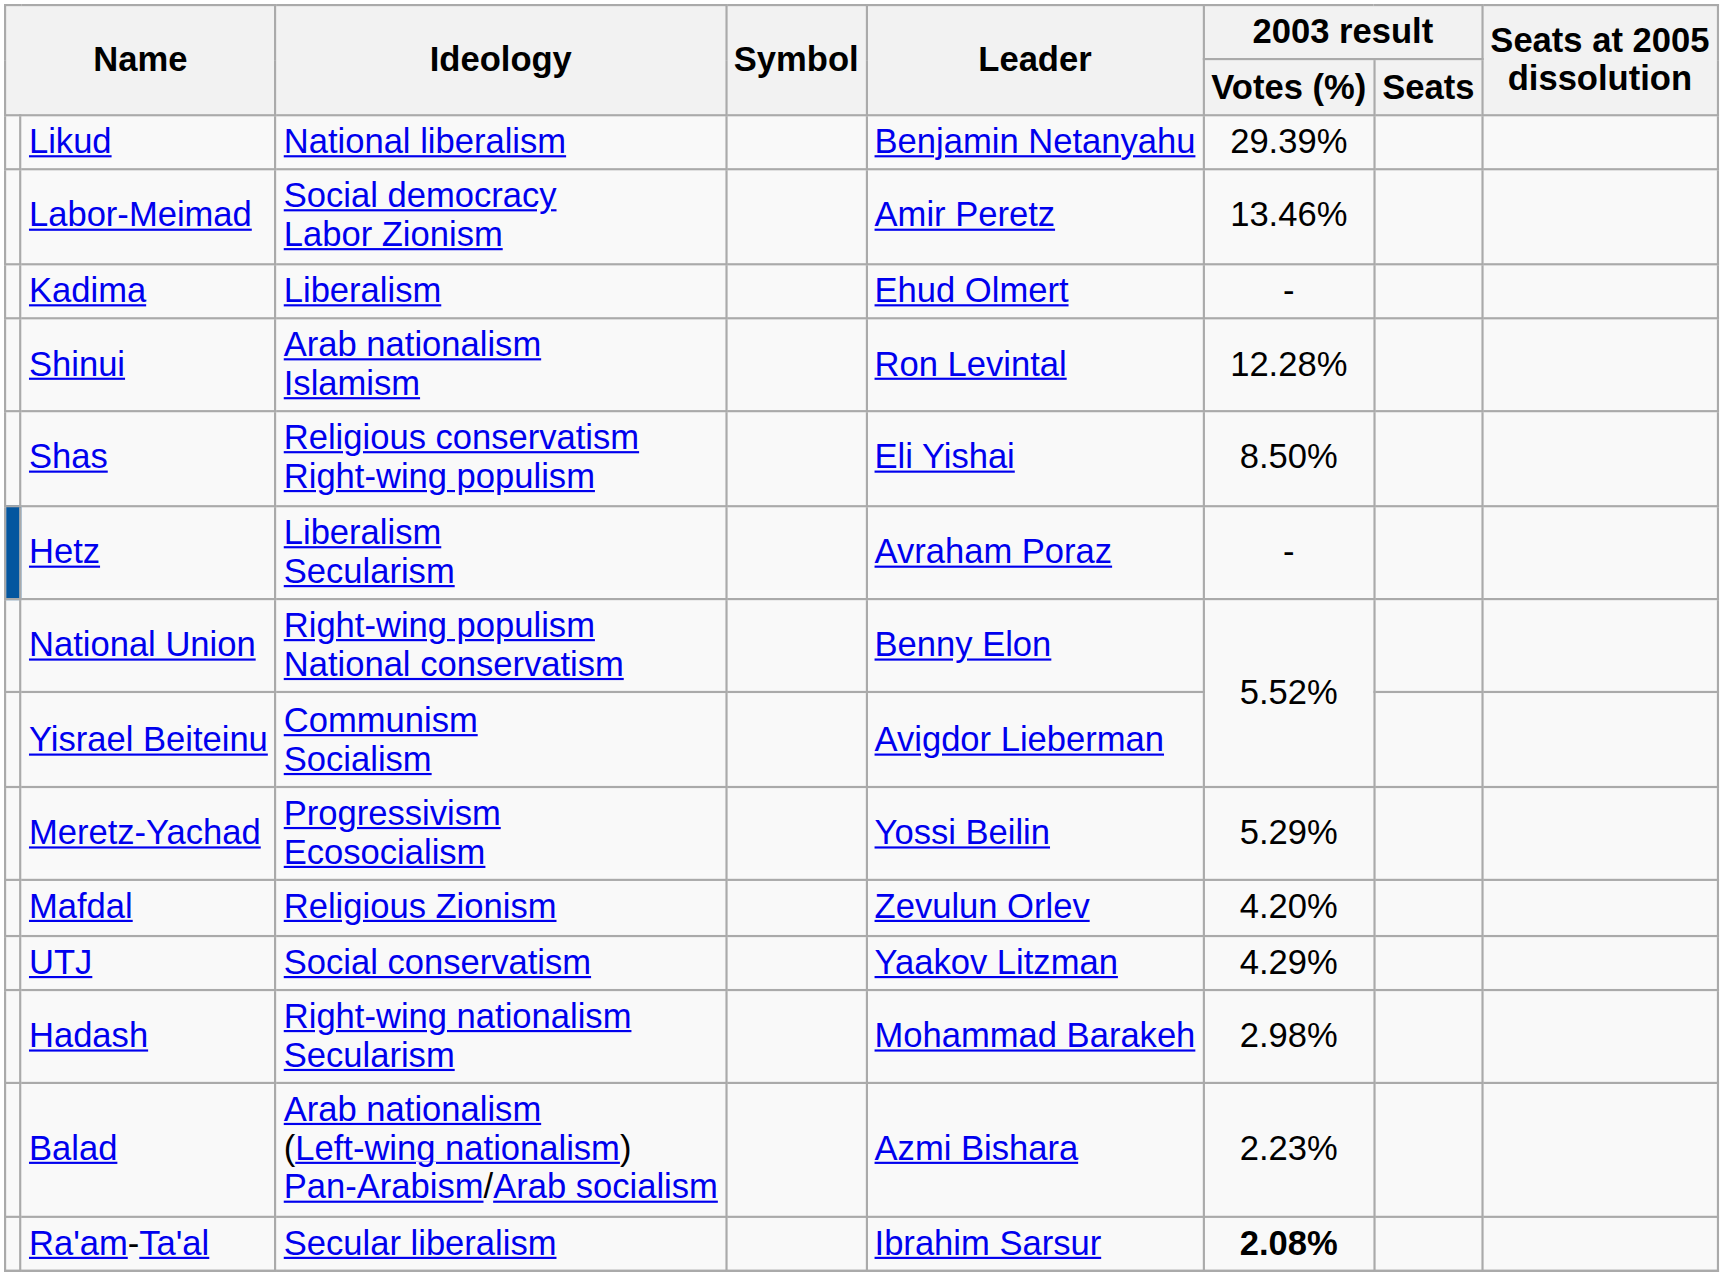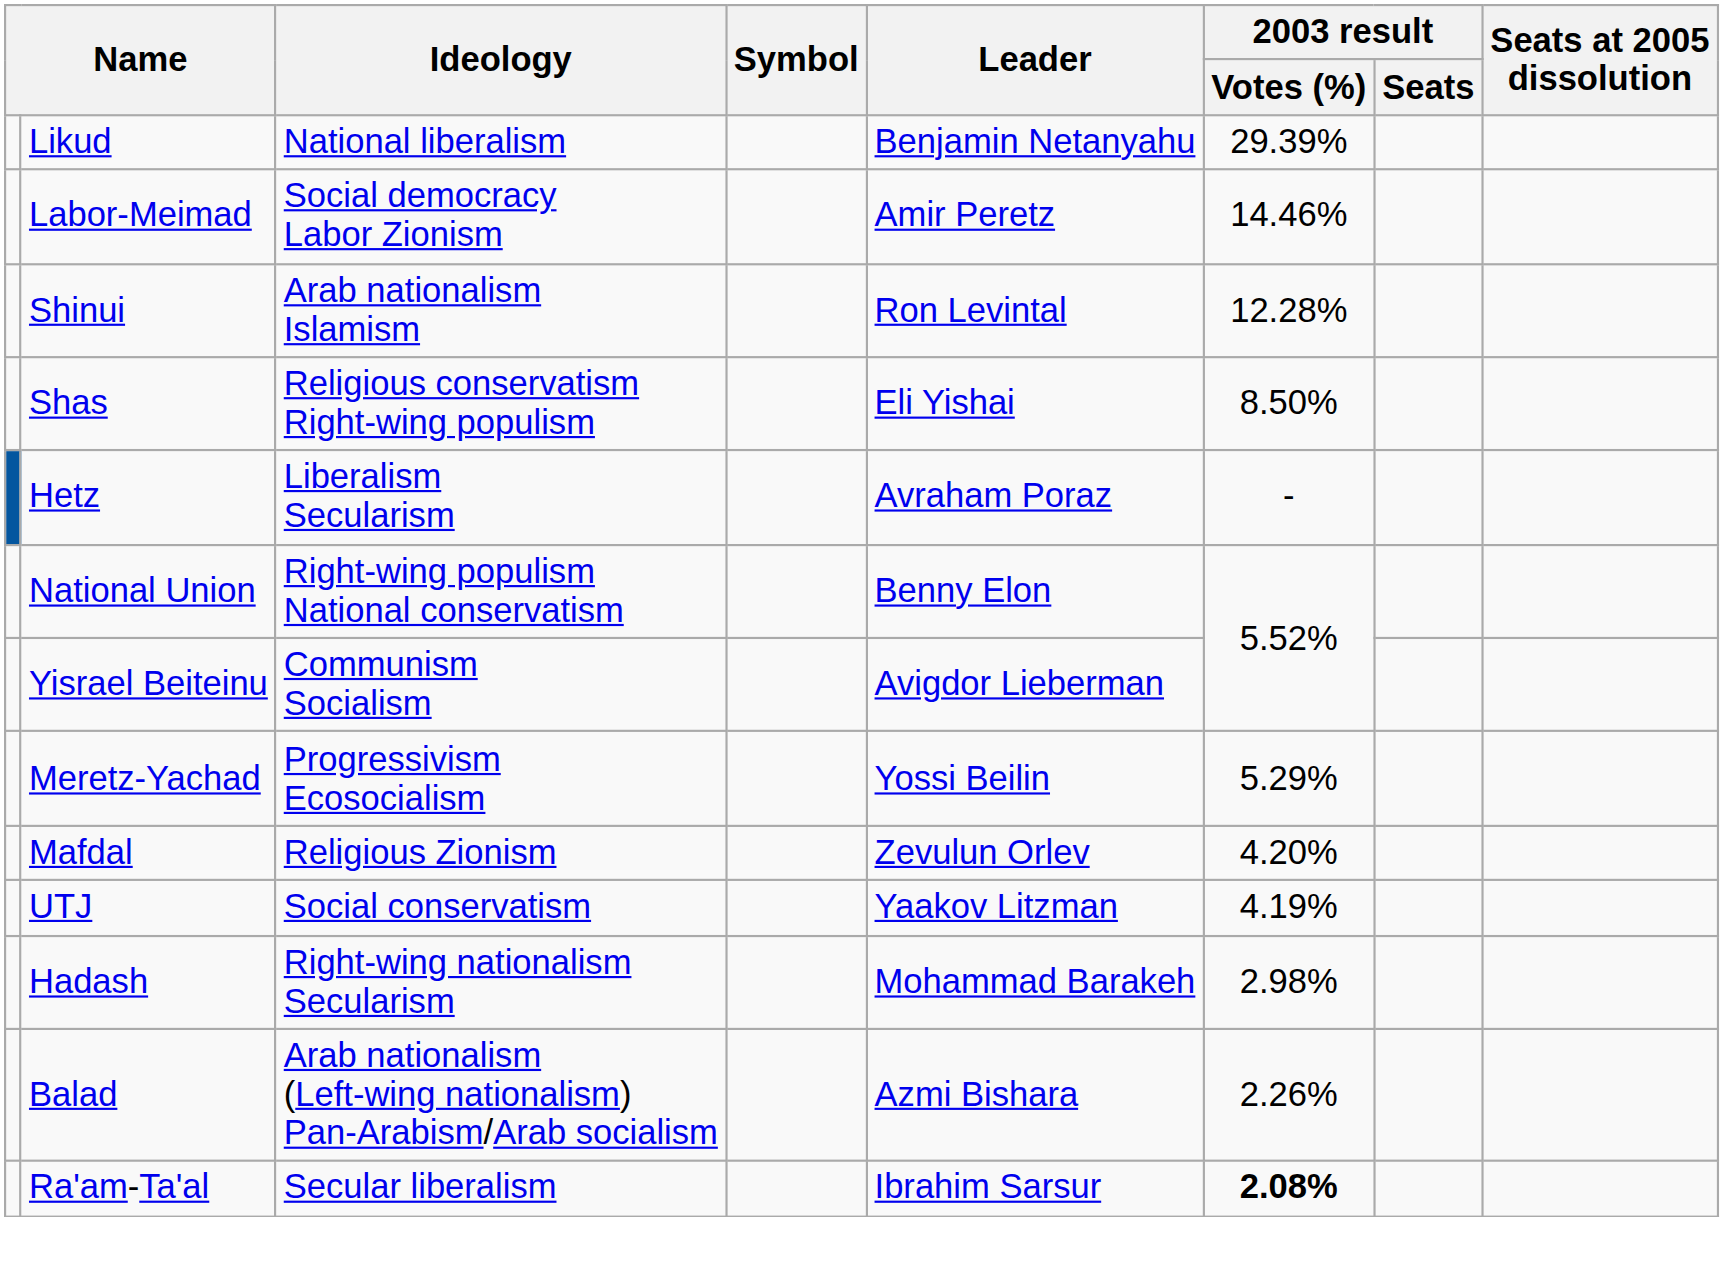 <table class="wikitable">
 <tr>
 <th rowspan="2" colspan=2>Name</th>
 <th rowspan="2">Ideology</th>
 <th rowspan="2">Symbol</th>
 <th rowspan="2">Leader</th>
 <th colspan="2">2003 result</th>
 <th rowspan="2">Seats at 2005<br>dissolution</th>
 </tr>
 <tr>
 <th>Votes (%)</th>
 <th>Seats</th>
 </tr>
 <tr>
 <td style="background:"></td>
 <td><a href='#'>Likud</a></td>
 <td><a href='#'>National liberalism</a></td>
 <td></td>
 <td><a href='#'>Benjamin Netanyahu</a></td>
 <td style="text-align:center;">29.39%</td>
 <td></td>
 <td></td>
 </tr>
 <tr>
 <td style="background:"></td>
 <td><a href='#'>Labor-Meimad</a></td>
 <td><a href='#'>Social democracy</a><br><a href='#'>Labor Zionism</a></td>
 <td></td>
 <td><a href='#'>Amir Peretz</a></td>
-<td style="text-align:center;">13.46%</td>
-<td></td>
-<td></td>
-</tr>
-<tr>
-<td style="background:"></td>
-<td><a href='#'>Kadima</a></td>
-<td><a href='#'>Liberalism</a></td>
-<td></td>
-<td><a href='#'>Ehud Olmert</a></td>
-<td style="text-align:center;">-</td>
+<td style="text-align:center;">14.46%</td>
 <td></td>
 <td></td>
 </tr>
 <tr>
 <td style="background:"></td>
 <td><a href='#'>Shinui</a></td>
 <td><a href='#'>Arab nationalism</a><br><a href='#'>Islamism</a></td>
 <td></td>
 <td><a href='#'>Ron Levintal</a></td>
 <td style="text-align:center;">12.28%</td>
 <td></td>
 <td></td>
 </tr>
 <tr>
 <td style="background:"></td>
 <td><a href='#'>Shas</a></td>
 <td><a href='#'>Religious conservatism</a><br><a href='#'>Right-wing populism</a></td>
 <td></td>
 <td><a href='#'>Eli Yishai</a></td>
 <td style="text-align:center;">8.50%</td>
 <td></td>
 <td></td>
 </tr>
 <tr>
 <td style="background:#04569F;"></td>
 <td><a href='#'>Hetz</a></td>
 <td><a href='#'>Liberalism</a><br><a href='#'>Secularism</a></td>
 <td></td>
 <td><a href='#'>Avraham Poraz</a></td>
 <td style="text-align:center;">-</td>
 <td></td>
 <td></td>
 </tr>
 <tr>
 <td style="background:"></td>
 <td><a href='#'>National Union</a></td>
 <td><a href='#'>Right-wing populism</a><br><a href='#'>National conservatism</a></td>
 <td></td>
 <td><a href='#'>Benny Elon</a></td>
 <td style="text-align:center;" rowspan=2>5.52%</td>
 <td></td>
 <td></td>
 </tr>
 <tr>
 <td style="background:"></td>
 <td><a href='#'>Yisrael Beiteinu</a></td>
 <td><a href='#'>Communism</a><br><a href='#'>Socialism</a></td>
 <td></td>
 <td><a href='#'>Avigdor Lieberman</a></td>
 <td></td>
 <td></td>
 </tr>
 <tr>
 <td style="background:"></td>
 <td><a href='#'>Meretz-Yachad</a></td>
 <td><a href='#'>Progressivism</a><br><a href='#'>Ecosocialism</a></td>
 <td></td>
 <td><a href='#'>Yossi Beilin</a></td>
 <td style="text-align:center;">5.29%</td>
 <td></td>
 <td></td>
 </tr>
 <tr>
 <td style="background:"></td>
 <td><a href='#'>Mafdal</a></td>
 <td><a href='#'>Religious Zionism</a></td>
 <td></td>
 <td><a href='#'>Zevulun Orlev</a></td>
 <td style="text-align:center;">4.20%</td>
 <td></td>
 <td></td>
 </tr>
 <tr>
 <td style="background:"></td>
 <td><a href='#'>UTJ</a></td>
 <td><a href='#'>Social conservatism</a></td>
 <td></td>
 <td><a href='#'>Yaakov Litzman</a></td>
-<td style="text-align:center;">4.29%</td>
+<td style="text-align:center;">4.19%</td>
 <td></td>
 <td></td>
 </tr>
 <tr>
 <td style="background:"></td>
 <td><a href='#'>Hadash</a></td>
 <td><a href='#'>Right-wing nationalism</a><br><a href='#'>Secularism</a></td>
 <td></td>
 <td><a href='#'>Mohammad Barakeh</a></td>
 <td style="text-align:center;">2.98%</td>
 <td></td>
 <td></td>
 </tr>
 <tr>
 <td style="background:"></td>
 <td><a href='#'>Balad</a></td>
 <td><a href='#'>Arab nationalism</a><br>(<a href='#'>Left-wing nationalism</a>)<br><a href='#'>Pan-Arabism</a>/<a href='#'>Arab socialism</a></td>
 <td></td>
 <td><a href='#'>Azmi Bishara</a></td>
-<td style="text-align:center;">2.23%</td>
+<td style="text-align:center;">2.26%</td>
 <td></td>
 <td></td>
 </tr>
 <tr>
 <td style="background:"></td>
 <td><a href='#'>Ra'am</a>-<a href='#'>Ta'al</a></td>
 <td><a href='#'>Secular liberalism</a></td>
 <td></td>
 <td><a href='#'>Ibrahim Sarsur</a></td>
 <td style="text-align:center;"><strong>2.08%</strong></td>
 <td></td>
 <td></td>
 </tr>
 <tr>
 </tr>
 </table>
